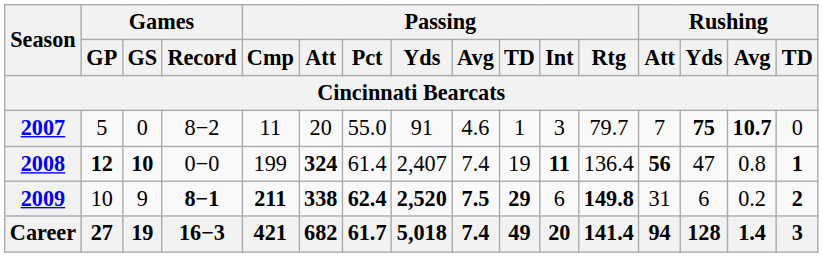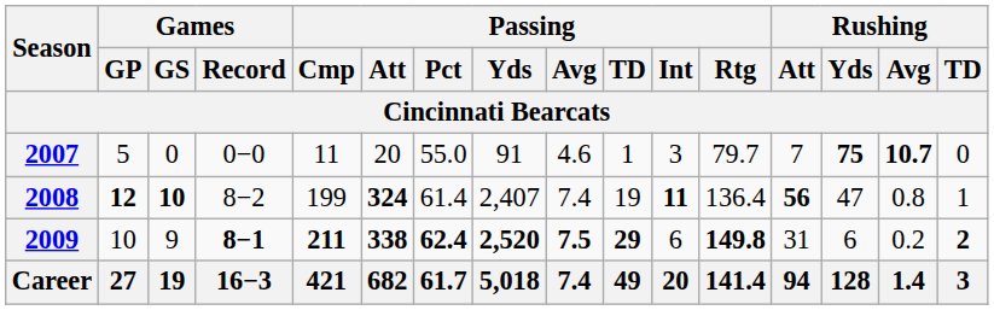 <table class="wikitable" style="text-align:center;">
 <tr>
 <th rowspan="2">Season</th>
 <th colspan="3">Games</th>
 <th colspan="8">Passing</th>
 <th colspan="5">Rushing</th>
 </tr>
 <tr>
 <th>GP</th>
 <th>GS</th>
 <th>Record</th>
 <th>Cmp</th>
 <th>Att</th>
 <th>Pct</th>
 <th>Yds</th>
 <th>Avg</th>
 <th>TD</th>
 <th>Int</th>
 <th>Rtg</th>
 <th>Att</th>
 <th>Yds</th>
 <th>Avg</th>
 <th>TD</th>
 </tr>
 <tr>
 <th colspan="16">Cincinnati Bearcats</th>
 </tr>
 <tr>
 <th><a href='#'>2007</a></th>
 <td>5</td>
 <td>0</td>
-<td>8−2</td>
+<td>0−0</td>
 <td>11</td>
 <td>20</td>
 <td>55.0</td>
 <td>91</td>
 <td>4.6</td>
 <td>1</td>
 <td>3</td>
 <td>79.7</td>
 <td>7</td>
 <td><strong>75</strong></td>
 <td><strong>10.7</strong></td>
 <td>0</td>
 </tr>
 <tr>
 <th><a href='#'>2008</a></th>
 <td><strong>12</strong></td>
 <td><strong>10</strong></td>
-<td>0−0</td>
+<td>8−2</td>
 <td>199</td>
 <td><strong>324</strong></td>
 <td>61.4</td>
 <td>2,407</td>
 <td>7.4</td>
 <td>19</td>
 <td><strong>11</strong></td>
 <td>136.4</td>
 <td><strong>56</strong></td>
 <td>47</td>
 <td>0.8</td>
-<td><strong>1</strong></td>
+<td>1</td>
 </tr>
 <tr>
 <th><a href='#'>2009</a></th>
 <td>10</td>
 <td>9</td>
 <td><strong>8−1</strong></td>
 <td><strong>211</strong></td>
 <td><strong>338</strong></td>
 <td><strong>62.4</strong></td>
 <td><strong>2,520</strong></td>
 <td><strong>7.5</strong></td>
 <td><strong>29</strong></td>
 <td>6</td>
 <td><strong>149.8</strong></td>
 <td>31</td>
 <td>6</td>
 <td>0.2</td>
 <td><strong>2</strong></td>
 </tr>
 <tr>
 <th>Career</th>
 <th>27</th>
 <th>19</th>
 <th>16−3</th>
 <th>421</th>
 <th>682</th>
 <th>61.7</th>
 <th>5,018</th>
 <th>7.4</th>
 <th>49</th>
 <th>20</th>
 <th>141.4</th>
 <th>94</th>
 <th>128</th>
 <th>1.4</th>
 <th>3</th>
 </tr>
 </table>
